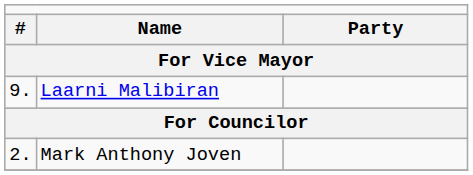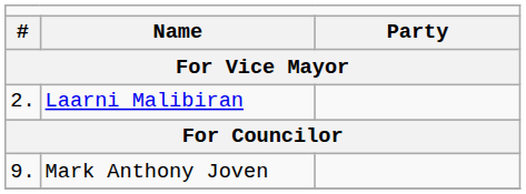 <table class="wikitable" style="font-size:90%">
 <tr>
 <td colspan="5"></td>
 </tr>
 <tr>
 <th>#</th>
 <th width="150px">Name</th>
 <th colspan="2" width="110px">Party</th>
 </tr>
 <tr>
 <th colspan="4">For Vice Mayor</th>
 </tr>
 <tr>
-<td>9.</td>
+<td>2.</td>
 <td><a href='#'>Laarni Malibiran</a></td>
 <td></td>
 </tr>
 <tr>
 <th colspan="4">For Councilor</th>
 </tr>
 <tr>
-<td>2.</td>
+<td>9.</td>
 <td>Mark Anthony Joven</td>
 <td></td>
 </tr>
 <tr>
 </tr>
 </table>
